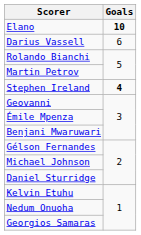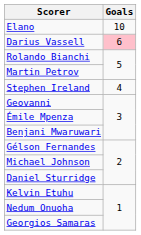 <table class="wikitable">
 <tr>
 <th>Scorer</th>
 <th>Goals</th>
 </tr>
 <tr>
 <td> <a href='#'>Elano</a></td>
-<td align=center><strong>10</strong></td>
+<td align=center>10</td>
 </tr>
 <tr>
 <td> <a href='#'>Darius Vassell</a></td>
-<td align=center>6</td>
+<td align=center style="background: pink;">6</td>
 </tr>
 <tr>
 <td> <a href='#'>Rolando Bianchi</a></td>
 <td rowspan="2" align=center>5</td>
 </tr>
 <tr>
 <td> <a href='#'>Martin Petrov</a></td>
 </tr>
 <tr>
 <td> <a href='#'>Stephen Ireland</a></td>
-<td rowspan="1" align=center><strong>4</strong></td>
+<td rowspan="1" align=center>4</td>
 </tr>
 <tr>
 <td> <a href='#'>Geovanni</a></td>
 <td rowspan="3" align=center>3</td>
 </tr>
 <tr>
 <td> <a href='#'>Émile Mpenza</a></td>
 </tr>
 <tr>
 <td> <a href='#'>Benjani Mwaruwari</a></td>
 </tr>
 <tr>
 <td> <a href='#'>Gélson Fernandes</a></td>
 <td rowspan="3" align=center>2</td>
 </tr>
 <tr>
 <td> <a href='#'>Michael Johnson</a></td>
 </tr>
 <tr>
 <td> <a href='#'>Daniel Sturridge</a></td>
 </tr>
 <tr>
 <td> <a href='#'>Kelvin Etuhu</a></td>
 <td rowspan="3" align=center>1</td>
 </tr>
 <tr>
 <td> <a href='#'>Nedum Onuoha</a></td>
 </tr>
 <tr>
 <td> <a href='#'>Georgios Samaras</a></td>
 </tr>
 </table>
